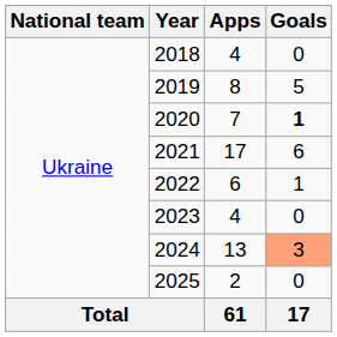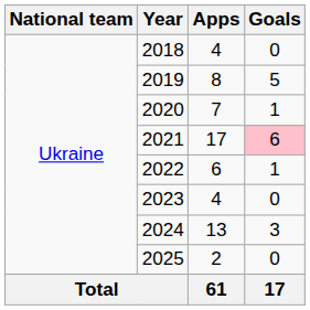 <table class="wikitable" style="text-align: center;">
 <tr>
 <th>National team</th>
 <th>Year</th>
 <th>Apps</th>
 <th>Goals</th>
 </tr>
 <tr>
 <td rowspan="8"><a href='#'>Ukraine</a></td>
 <td>2018</td>
 <td>4</td>
 <td>0</td>
 </tr>
 <tr>
 <td>2019</td>
 <td>8</td>
 <td>5</td>
 </tr>
 <tr>
 <td>2020</td>
 <td>7</td>
-<td><strong>1</strong></td>
+<td>1</td>
 </tr>
 <tr>
 <td>2021</td>
 <td>17</td>
-<td>6</td>
+<td style="background: pink;">6</td>
 </tr>
 <tr>
 <td>2022</td>
 <td>6</td>
 <td>1</td>
 </tr>
 <tr>
 <td>2023</td>
 <td>4</td>
 <td>0</td>
 </tr>
 <tr>
 <td>2024</td>
 <td>13</td>
-<td style="background: lightsalmon;">3</td>
+<td>3</td>
 </tr>
 <tr>
 <td>2025</td>
 <td>2</td>
 <td>0</td>
 </tr>
 <tr>
 <th colspan="2">Total</th>
 <th>61</th>
 <th>17</th>
 </tr>
 </table>
